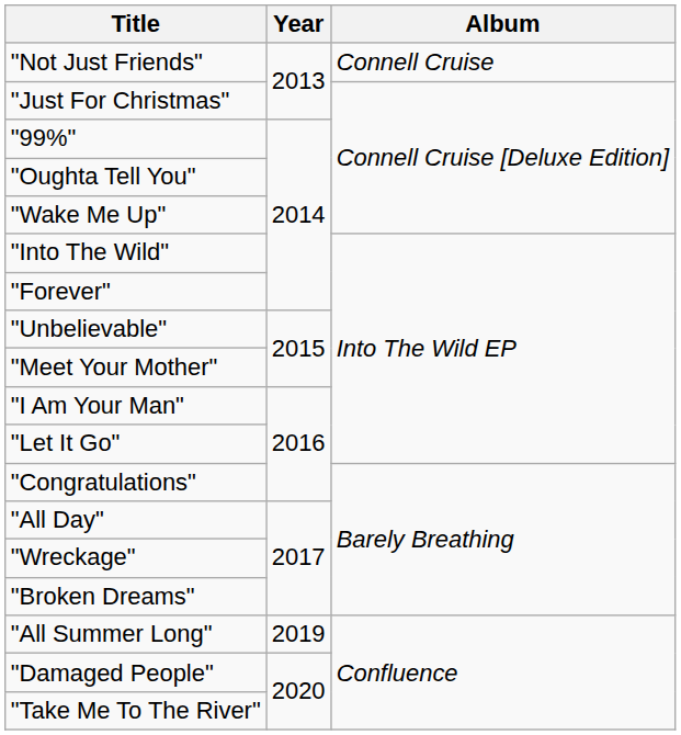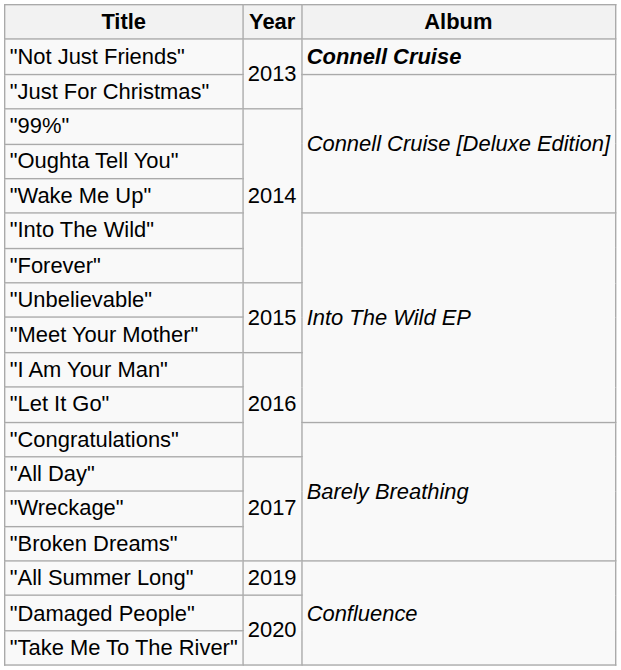 <table class="wikitable">
 <tr>
 <th>Title</th>
 <th>Year</th>
 <th>Album</th>
 </tr>
 <tr>
 <td>"Not Just Friends"</td>
 <td rowspan="2">2013</td>
-<td><em>Connell Cruise</em></td>
+<td><strong><em>Connell Cruise</em></strong></td>
 </tr>
 <tr>
 <td>"Just For Christmas"</td>
 <td rowspan="4"><em>Connell Cruise [Deluxe Edition]</em></td>
 </tr>
 <tr>
 <td>"99%"</td>
 <td rowspan="5">2014</td>
 </tr>
 <tr>
 <td>"Oughta Tell You"</td>
 </tr>
 <tr>
 <td>"Wake Me Up"</td>
 </tr>
 <tr>
 <td>"Into The Wild"</td>
 <td rowspan="6"><em>Into The Wild EP</em></td>
 </tr>
 <tr>
 <td>"Forever"</td>
 </tr>
 <tr>
 <td>"Unbelievable"</td>
 <td rowspan="2">2015</td>
 </tr>
 <tr>
 <td>"Meet Your Mother"</td>
 </tr>
 <tr>
 <td>"I Am Your Man"</td>
 <td rowspan="3">2016</td>
 </tr>
 <tr>
 <td>"Let It Go"</td>
 </tr>
 <tr>
 <td>"Congratulations"</td>
 <td rowspan="4"><em>Barely Breathing</em></td>
 </tr>
 <tr>
 <td>"All Day"</td>
 <td rowspan="3">2017</td>
 </tr>
 <tr>
 <td>"Wreckage"</td>
 </tr>
 <tr>
 <td>"Broken Dreams"</td>
 </tr>
 <tr>
 <td>"All Summer Long"</td>
 <td>2019</td>
 <td rowspan="3"><em>Confluence</em></td>
 </tr>
 <tr>
 <td>"Damaged People"</td>
 <td rowspan="2">2020</td>
 </tr>
 <tr>
 <td>"Take Me To The River"</td>
 </tr>
 </table>
